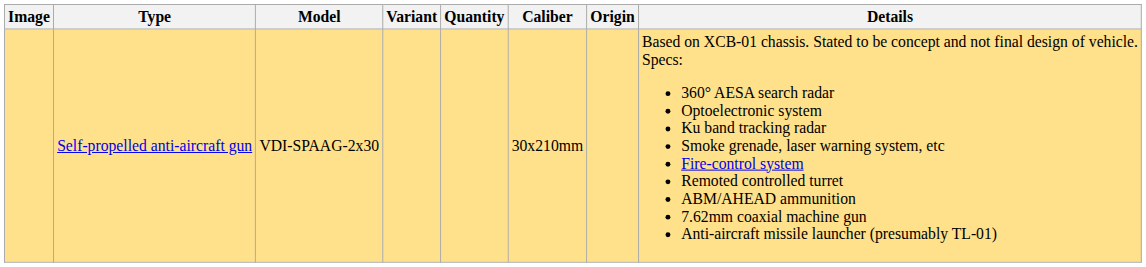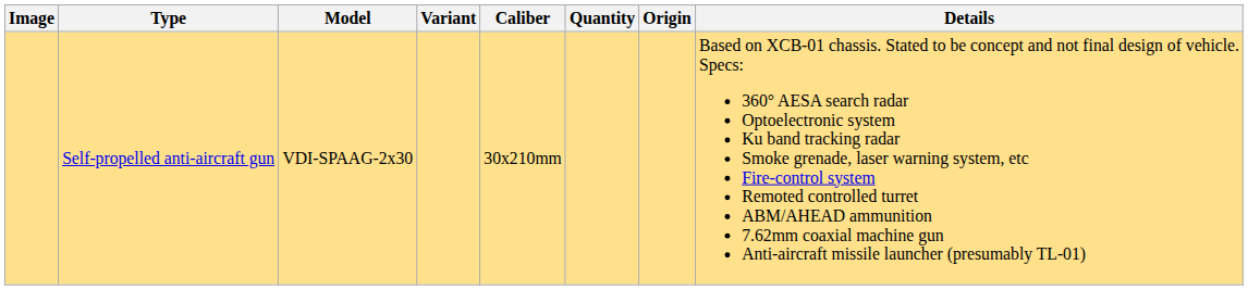 <table class="wikitable">
 <tr>
 <th>Image</th>
 <th>Type</th>
 <th>Model</th>
 <th>Variant</th>
+<th>Caliber</th>
 <th>Quantity</th>
-<th>Caliber</th>
 <th>Origin</th>
 <th>Details</th>
 </tr>
 <tr>
 <td style="background: #FFE18B"></td>
 <td style="background: #FFE18B"><a href='#'>Self-propelled anti-aircraft gun</a></td>
 <td style="background: #FFE18B">VDI-SPAAG-2x30</td>
 <td style="background: #FFE18B"></td>
+<td style="background: #FFE18B">30x210mm</td>
 <td style="background: #FFE18B"></td>
-<td style="background: #FFE18B">30x210mm</td>
 <td style="background: #FFE18B"></td>
 <td style="background: #FFE18B">Based on XCB-01 chassis. Stated to be concept and not final design of vehicle.<br>Specs:<ul><li>360° AESA search radar</li><li>Optoelectronic system</li><li>Ku band tracking radar</li><li>Smoke grenade, laser warning system, etc</li><li><a href='#'>Fire-control system</a></li><li>Remoted controlled turret</li><li>ABM/AHEAD ammunition</li><li>7.62mm coaxial machine gun</li><li>Anti-aircraft missile launcher (presumably TL-01)</li></ul></td>
 </tr>
 </table>
